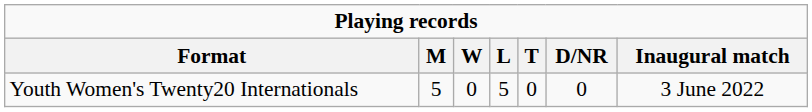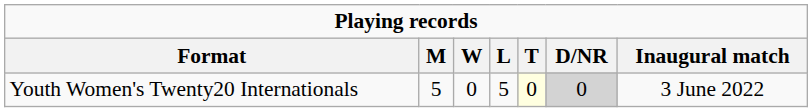 <table class="wikitable" style="text-align: center; width: 600px">
 <tr>
 <td colspan="8" align="center"><strong>Playing records</strong></td>
 </tr>
 <tr>
 <th>Format</th>
 <th>M</th>
 <th>W</th>
 <th>L</th>
 <th>T</th>
 <th>D/NR</th>
 <th>Inaugural match</th>
 </tr>
 <tr>
 <td align="left">Youth Women's Twenty20 Internationals</td>
 <td>5</td>
 <td>0</td>
 <td>5</td>
-<td>0</td>
-<td>0</td>
+<td style="background: lightyellow;">0</td>
+<td style="background: lightgrey;">0</td>
 <td>3 June 2022</td>
 </tr>
 </table>
